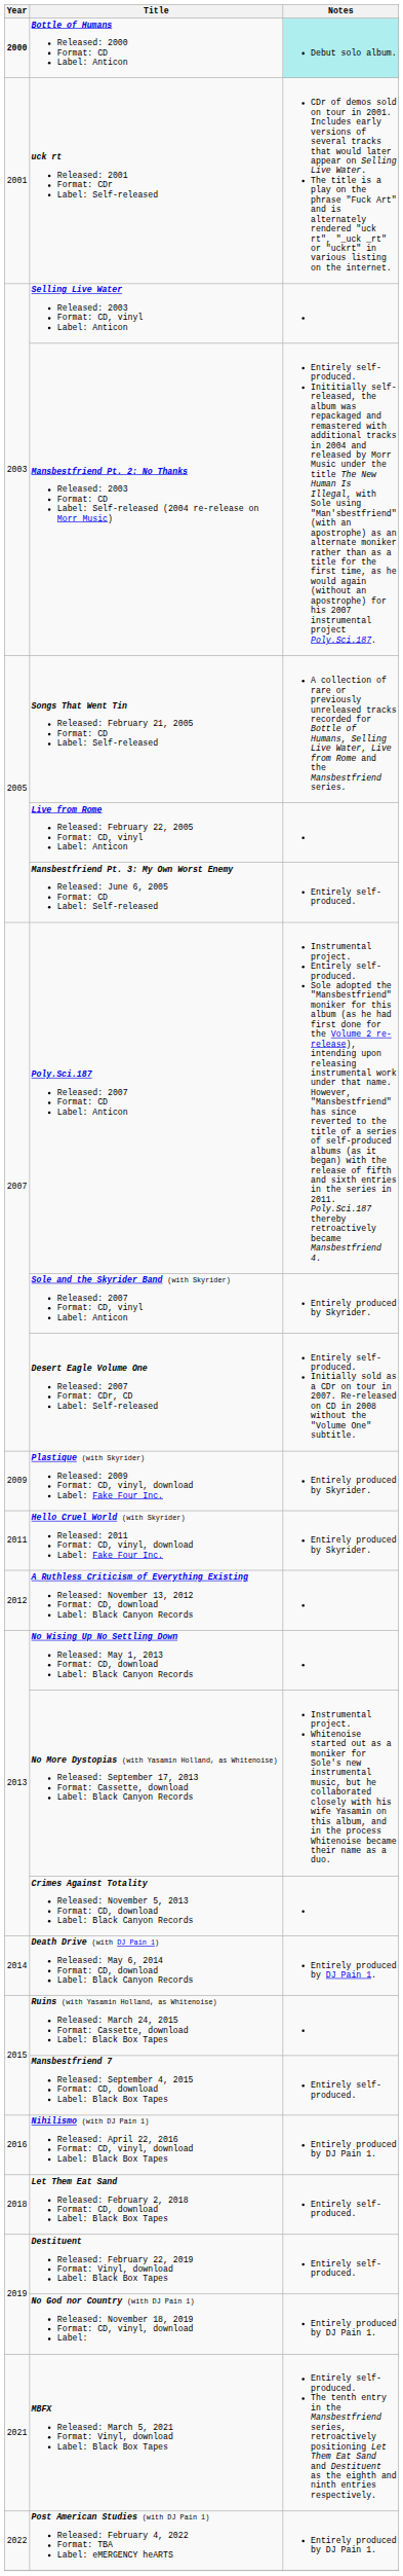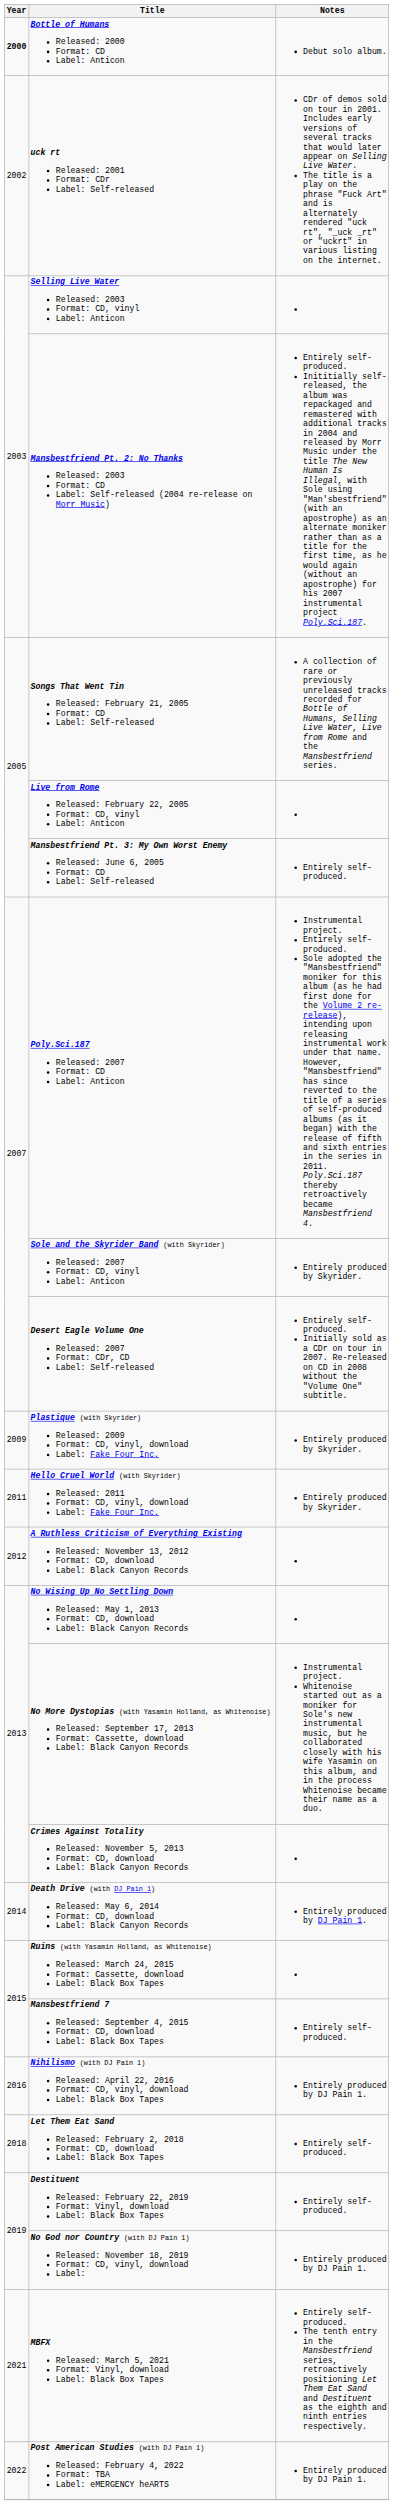 <table class="wikitable">
 <tr>
 <th rowspan="1" style="width:33px;">Year</th>
 <th rowspan="1" style="width:500px;">Title</th>
 <th rowspan="1">Notes</th>
 </tr>
 <tr>
 <td style="text-align:center;"><strong>2000</strong></td>
 <td><strong><em><a href='#'>Bottle of Humans</a></em></strong><br><ul><li>Released: 2000</li><li>Format: CD</li><li>Label: Anticon</li></ul></td>
-<td style="background: paleturquoise;"><br><ul><li>Debut solo album.</li></ul></td>
+<td><br><ul><li>Debut solo album.</li></ul></td>
 </tr>
 <tr>
-<td style="text-align:center;">2001</td>
+<td style="text-align:center;">2002</td>
 <td><strong><em>uck rt</em></strong><br><ul><li>Released: 2001</li><li>Format: CDr</li><li>Label: Self-released</li></ul></td>
 <td><br><ul><li>CDr of demos sold on tour in 2001. Includes early versions of several tracks that would later appear on <em>Selling Live Water</em>.</li><li>The title is a play on the phrase "Fuck Art" and is alternately rendered "uck rt", "_uck _rt" or "uckrt" in various listing on the internet.</li></ul></td>
 </tr>
 <tr>
 <td style="text-align:center;" rowspan="2">2003</td>
 <td><strong><em><a href='#'>Selling Live Water</a></em></strong><br><ul><li>Released: 2003</li><li>Format: CD, vinyl</li><li>Label: Anticon</li></ul></td>
 <td><br><ul><li></li></ul></td>
 </tr>
 <tr>
 <td><strong><em><a href='#'>Mansbestfriend Pt. 2: No Thanks</a></em></strong><br><ul><li>Released: 2003</li><li>Format: CD</li><li>Label: Self-released (2004 re-release on <a href='#'>Morr Music</a>)</li></ul></td>
 <td><br><ul><li>Entirely self-produced.</li><li>Inititially self-released, the album was repackaged and remastered with additional tracks in 2004 and released by Morr Music under the title <em>The New Human Is Illegal</em>, with Sole using "Man'sbestfriend" (with an apostrophe) as an alternate moniker rather than as a title for the first time, as he would again (without an apostrophe) for his 2007 instrumental project <em><a href='#'>Poly.Sci.187</a></em>.</li></ul></td>
 </tr>
 <tr>
 <td style="text-align:center;" rowspan="3">2005</td>
 <td><strong><em>Songs That Went Tin</em></strong><br><ul><li>Released: February 21, 2005</li><li>Format: CD</li><li>Label: Self-released</li></ul></td>
 <td><br><ul><li>A collection of rare or previously unreleased tracks recorded for <em>Bottle of Humans</em>, <em>Selling Live Water</em>, <em>Live from Rome</em> and the <em>Mansbestfriend</em> series.</li></ul></td>
 </tr>
 <tr>
 <td><strong><em><a href='#'>Live from Rome</a></em></strong><br><ul><li>Released: February 22, 2005</li><li>Format: CD, vinyl</li><li>Label: Anticon</li></ul></td>
 <td><br><ul><li></li></ul></td>
 </tr>
 <tr>
 <td><strong><em>Mansbestfriend Pt. 3: My Own Worst Enemy</em></strong><br><ul><li>Released: June 6, 2005</li><li>Format: CD</li><li>Label: Self-released</li></ul></td>
 <td><br><ul><li>Entirely self-produced.</li></ul></td>
 </tr>
 <tr>
 <td style="text-align:center;" rowspan="3">2007</td>
 <td><strong><em><a href='#'>Poly.Sci.187</a></em></strong><br><ul><li>Released: 2007</li><li>Format: CD</li><li>Label: Anticon</li></ul></td>
 <td><br><ul><li>Instrumental project.</li><li>Entirely self-produced.</li><li>Sole adopted the "Mansbestfriend" moniker for this album (as he had first done for the <a href='#'>Volume 2 re-release</a>), intending upon releasing instrumental work under that name.<br>However, "Mansbestfriend" has since reverted to the title of a series of self-produced albums (as it began) with the release of fifth and sixth entries in the series in 2011. <em>Poly.Sci.187</em> thereby retroactively became <em>Mansbestfriend 4</em>.</li></ul></td>
 </tr>
 <tr>
 <td><strong><em><a href='#'>Sole and the Skyrider Band</a></em></strong> <small>(with Skyrider)</small><br><ul><li>Released: 2007</li><li>Format: CD, vinyl</li><li>Label: Anticon</li></ul></td>
 <td><br><ul><li>Entirely produced by Skyrider.</li></ul></td>
 </tr>
 <tr>
 <td><strong><em>Desert Eagle Volume One</em></strong><br><ul><li>Released: 2007</li><li>Format: CDr, CD</li><li>Label: Self-released</li></ul></td>
 <td><br><ul><li>Entirely self-produced.</li><li>Initially sold as a CDr on tour in 2007. Re-released on CD in 2008 without the "Volume One" subtitle.</li></ul></td>
 </tr>
 <tr>
 <td style="text-align:center;">2009</td>
 <td><strong><em><a href='#'>Plastique</a></em></strong> <small>(with Skyrider)</small><br><ul><li>Released: 2009</li><li>Format: CD, vinyl, download</li><li>Label: <a href='#'>Fake Four Inc.</a></li></ul></td>
 <td><br><ul><li>Entirely produced by Skyrider.</li></ul></td>
 </tr>
 <tr>
 <td style="text-align:center;">2011</td>
 <td><strong><em><a href='#'>Hello Cruel World</a></em></strong> <small>(with Skyrider)</small><br><ul><li>Released: 2011</li><li>Format: CD, vinyl, download</li><li>Label: <a href='#'>Fake Four Inc.</a></li></ul></td>
 <td><br><ul><li>Entirely produced by Skyrider.</li></ul></td>
 </tr>
 <tr>
 <td style="text-align:center;">2012</td>
 <td><strong><em><a href='#'>A Ruthless Criticism of Everything Existing</a></em></strong><br><ul><li>Released: November 13, 2012</li><li>Format: CD, download</li><li>Label: Black Canyon Records</li></ul></td>
 <td><br><ul><li></li></ul></td>
 </tr>
 <tr>
 <td style="text-align:center;" rowspan="3">2013</td>
 <td><strong><em><a href='#'>No Wising Up No Settling Down</a></em></strong><br><ul><li>Released: May 1, 2013</li><li>Format: CD, download</li><li>Label: Black Canyon Records</li></ul></td>
 <td><br><ul><li></li></ul></td>
 </tr>
 <tr>
 <td><strong><em>No More Dystopias</em></strong> <small>(with Yasamin Holland, as Whitenoise)</small><br><ul><li>Released: September 17, 2013</li><li>Format: Cassette, download</li><li>Label: Black Canyon Records</li></ul></td>
 <td><br><ul><li>Instrumental project.</li><li>Whitenoise started out as a moniker for Sole's new instrumental music, but he collaborated closely with his wife Yasamin on this album, and in the process Whitenoise became their name as a duo.</li></ul></td>
 </tr>
 <tr>
 <td><strong><em>Crimes Against Totality</em></strong><br><ul><li>Released: November 5, 2013</li><li>Format: CD, download</li><li>Label: Black Canyon Records</li></ul></td>
 <td><br><ul><li></li></ul></td>
 </tr>
 <tr>
 <td style="text-align:center;">2014</td>
 <td><strong><em>Death Drive</em></strong> <small>(with <a href='#'>DJ Pain 1</a>)</small><br><ul><li>Released: May 6, 2014</li><li>Format: CD, download</li><li>Label: Black Canyon Records</li></ul></td>
 <td><br><ul><li>Entirely produced by <a href='#'>DJ Pain 1</a>.</li></ul></td>
 </tr>
 <tr>
 <td style="text-align:center;" rowspan="2">2015</td>
 <td><strong><em>Ruins</em></strong> <small>(with Yasamin Holland, as Whitenoise)</small><br><ul><li>Released: March 24, 2015</li><li>Format: Cassette, download</li><li>Label: Black Box Tapes</li></ul></td>
 <td><br><ul><li></li></ul></td>
 </tr>
 <tr>
 <td><strong><em>Mansbestfriend 7</em></strong><br><ul><li>Released: September 4, 2015</li><li>Format: CD, download</li><li>Label: Black Box Tapes</li></ul></td>
 <td><br><ul><li>Entirely self-produced.</li></ul></td>
 </tr>
 <tr>
 <td style="text-align:center;">2016</td>
 <td><strong><em><a href='#'>Nihilismo</a></em></strong> <small>(with DJ Pain 1)</small><br><ul><li>Released: April 22, 2016</li><li>Format: CD, vinyl, download</li><li>Label: Black Box Tapes</li></ul></td>
 <td><br><ul><li>Entirely produced by DJ Pain 1.</li></ul></td>
 </tr>
 <tr>
 <td style="text-align:center;">2018</td>
 <td><strong><em>Let Them Eat Sand</em></strong><br><ul><li>Released: February 2, 2018</li><li>Format: CD, download</li><li>Label: Black Box Tapes</li></ul></td>
 <td><br><ul><li>Entirely self-produced.</li></ul></td>
 </tr>
 <tr>
 <td style="text-align:center;" rowspan="2">2019</td>
 <td><strong><em>Destituent</em></strong><br><ul><li>Released: February 22, 2019</li><li>Format: Vinyl, download</li><li>Label: Black Box Tapes</li></ul></td>
 <td><br><ul><li>Entirely self-produced.</li></ul></td>
 </tr>
 <tr>
 <td><strong><em>No God nor Country</em></strong> <small>(with DJ Pain 1)</small><br><ul><li>Released: November 18, 2019</li><li>Format: CD, vinyl, download</li><li>Label:</li></ul></td>
 <td><br><ul><li>Entirely produced by DJ Pain 1.</li></ul></td>
 </tr>
 <tr>
 <td style="text-align:center;">2021</td>
 <td><strong><em>MBFX</em></strong><br><ul><li>Released: March 5, 2021</li><li>Format: Vinyl, download</li><li>Label: Black Box Tapes</li></ul></td>
 <td><br><ul><li>Entirely self-produced.</li><li>The tenth entry in the <em>Mansbestfriend</em> series, retroactively positioning <em>Let Them Eat Sand</em> and <em>Destituent</em> as the eighth and ninth entries respectively.</li></ul></td>
 </tr>
 <tr>
 <td style="text-align:center;">2022</td>
 <td><strong><em>Post American Studies</em></strong> <small>(with DJ Pain 1)</small><br><ul><li>Released: February 4, 2022</li><li>Format: TBA</li><li>Label: eMERGENCY heARTS</li></ul></td>
 <td><br><ul><li>Entirely produced by DJ Pain 1.</li></ul></td>
 </tr>
 <tr>
 </tr>
 </table>
